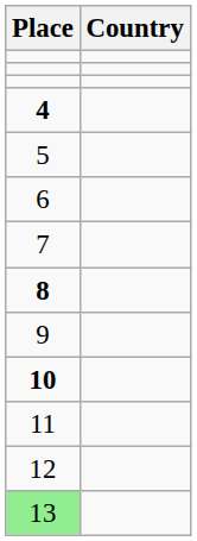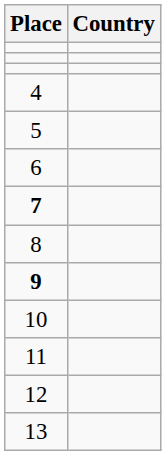 <table class="wikitable" style="font-size:95%;">
 <tr>
 <th>Place</th>
 <th>Country</th>
 </tr>
 <tr>
 <td align=center></td>
 <td></td>
 </tr>
 <tr>
 <td align=center></td>
 <td></td>
 </tr>
 <tr>
 <td align=center></td>
 <td></td>
 </tr>
 <tr>
-<td align=center><strong>4</strong></td>
+<td align=center>4</td>
 <td></td>
 </tr>
 <tr>
 <td align=center>5</td>
 <td></td>
 </tr>
 <tr>
 <td align=center>6</td>
 <td></td>
 </tr>
 <tr>
-<td align=center>7</td>
+<td align=center><strong>7</strong></td>
 <td></td>
 </tr>
 <tr>
-<td align=center><strong>8</strong></td>
+<td align=center>8</td>
 <td></td>
 </tr>
 <tr>
-<td align=center>9</td>
+<td align=center><strong>9</strong></td>
 <td></td>
 </tr>
 <tr>
-<td align=center><strong>10</strong></td>
+<td align=center>10</td>
 <td></td>
 </tr>
 <tr>
 <td align=center>11</td>
 <td></td>
 </tr>
 <tr>
 <td align=center>12</td>
 <td></td>
 </tr>
 <tr>
-<td align=center style="background: lightgreen;">13</td>
+<td align=center>13</td>
 <td></td>
 </tr>
 </table>
